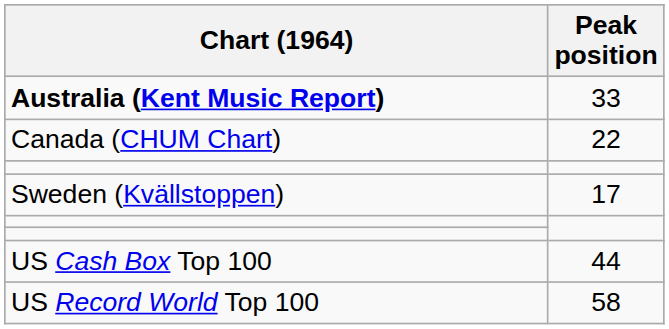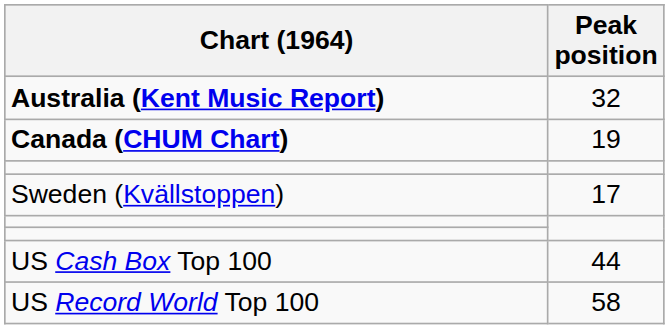 <table class="wikitable sortable">
 <tr>
 <th style="width:20em;">Chart (1964)</th>
 <th>Peak<br>position</th>
 </tr>
 <tr>
 <td><strong>Australia (<a href='#'>Kent Music Report</a>)</strong></td>
-<td align="center">33</td>
+<td align="center">32</td>
 </tr>
 <tr>
-<td>Canada (<a href='#'>CHUM Chart</a>)</td>
-<td align="center">22</td>
+<td><strong>Canada (<a href='#'>CHUM Chart</a>)</strong></td>
+<td align="center">19</td>
 </tr>
 <tr>
 <td></td>
 </tr>
 <tr>
 <td>Sweden (<a href='#'>Kvällstoppen</a>)</td>
 <td align="center">17</td>
 </tr>
 <tr>
 <td></td>
 </tr>
 <tr>
 <td></td>
 </tr>
 <tr>
 <td>US <a href='#'><em>Cash Box</em></a> Top 100</td>
 <td align="center">44</td>
 </tr>
 <tr>
 <td>US <em><a href='#'>Record World</a></em> Top 100</td>
 <td align="center">58</td>
 </tr>
 </table>
